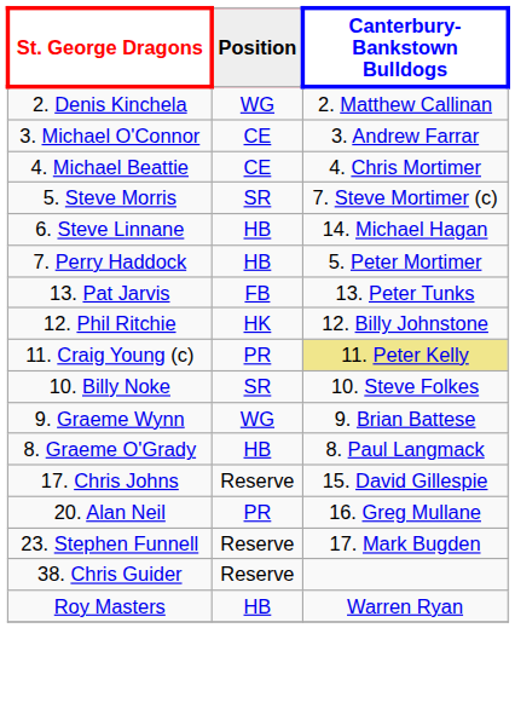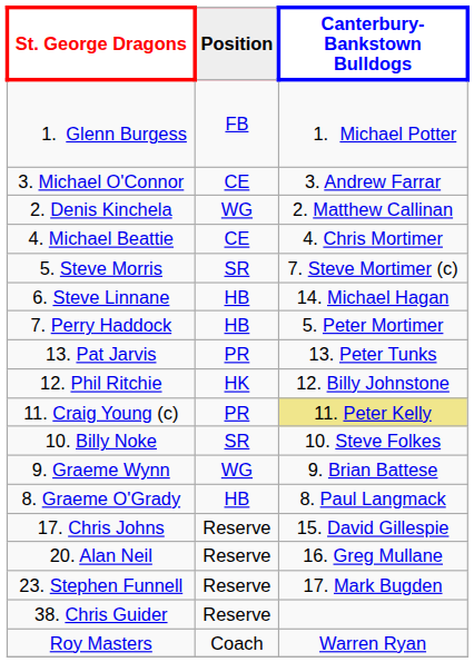 <table align="right" class="wikitable" style="font-size:90%; text-align:center; margin-left:1em">
 <tr bgcolor="#FF0033">
 <th style="width:140px; border:3px solid red; background: white; color: red">St. George Dragons</th>
 <th style="width:40px; text-align:center; background:#eee; color:black;">Position</th>
 <th style="width:140px; border:3px solid blue; background: white; color: blue">Canterbury-Bankstown Bulldogs</th>
 </tr>
 <tr>
-<td>2. <a href='#'>Denis Kinchela</a></td>
-<td><a href='#'>WG</a></td>
-<td>2. <a href='#'>Matthew Callinan</a></td>
+<td><br><ol><li><a href='#'>Glenn Burgess</a></li></ol></td>
+<td><a href='#'>FB</a></td>
+<td><br><ol><li><a href='#'>Michael Potter</a></li></ol></td>
 </tr>
 <tr>
 <td>3. <a href='#'>Michael O'Connor</a></td>
 <td><a href='#'>CE</a></td>
 <td>3. <a href='#'>Andrew Farrar</a></td>
+</tr>
+<tr>
+<td>2. <a href='#'>Denis Kinchela</a></td>
+<td><a href='#'>WG</a></td>
+<td>2. <a href='#'>Matthew Callinan</a></td>
 </tr>
 <tr>
 <td>4. <a href='#'>Michael Beattie</a></td>
 <td><a href='#'>CE</a></td>
 <td>4. <a href='#'>Chris Mortimer</a></td>
 </tr>
 <tr>
 <td>5. <a href='#'>Steve Morris</a></td>
 <td><a href='#'>SR</a></td>
 <td>7. <a href='#'>Steve Mortimer</a> (c)</td>
 </tr>
 <tr>
 <td>6. <a href='#'>Steve Linnane</a></td>
 <td><a href='#'>HB</a></td>
 <td>14. <a href='#'>Michael Hagan</a></td>
 </tr>
 <tr>
 <td>7. <a href='#'>Perry Haddock</a></td>
 <td><a href='#'>HB</a></td>
 <td>5. <a href='#'>Peter Mortimer</a></td>
 </tr>
 <tr>
 <td>13. <a href='#'>Pat Jarvis</a></td>
-<td><a href='#'>FB</a></td>
+<td><a href='#'>PR</a></td>
 <td>13. <a href='#'>Peter Tunks</a></td>
 </tr>
 <tr>
 <td>12. <a href='#'>Phil Ritchie</a></td>
 <td><a href='#'>HK</a></td>
 <td>12. <a href='#'>Billy Johnstone</a></td>
 </tr>
 <tr>
 <td>11. <a href='#'>Craig Young</a> (c)</td>
 <td><a href='#'>PR</a></td>
 <td style="background: khaki;">11. <a href='#'>Peter Kelly</a></td>
 </tr>
 <tr>
 <td>10. <a href='#'>Billy Noke</a></td>
 <td><a href='#'>SR</a></td>
 <td>10. <a href='#'>Steve Folkes</a></td>
 </tr>
 <tr>
 <td>9. <a href='#'>Graeme Wynn</a></td>
 <td><a href='#'>WG</a></td>
 <td>9. <a href='#'>Brian Battese</a></td>
 </tr>
 <tr>
 <td>8. <a href='#'>Graeme O'Grady</a></td>
 <td><a href='#'>HB</a></td>
 <td>8. <a href='#'>Paul Langmack</a></td>
 </tr>
 <tr>
 <td>17. <a href='#'>Chris Johns</a></td>
 <td>Reserve</td>
 <td>15. <a href='#'>David Gillespie</a></td>
 </tr>
 <tr>
 <td>20. <a href='#'>Alan Neil</a></td>
-<td><a href='#'>PR</a></td>
+<td>Reserve</td>
 <td>16. <a href='#'>Greg Mullane</a></td>
 </tr>
 <tr>
 <td>23. <a href='#'>Stephen Funnell</a></td>
 <td>Reserve</td>
 <td>17. <a href='#'>Mark Bugden</a></td>
 </tr>
 <tr>
 <td>38. <a href='#'>Chris Guider</a></td>
 <td>Reserve</td>
 <td></td>
 </tr>
 <tr>
 <td><a href='#'>Roy Masters</a></td>
-<td><a href='#'>HB</a></td>
+<td>Coach</td>
 <td><a href='#'>Warren Ryan</a></td>
 </tr>
 <tr>
 </tr>
 </table>
